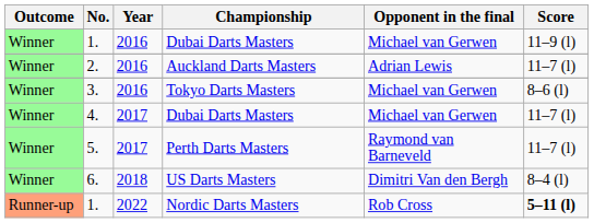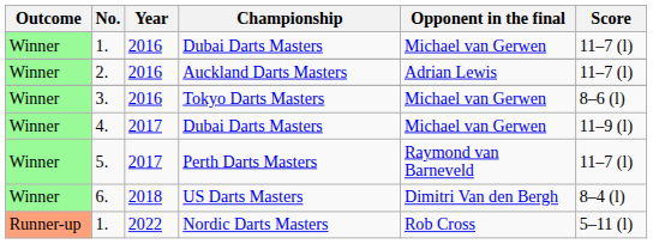 <table class="sortable wikitable">
 <tr>
 <th style="width:80px;">Outcome</th>
 <th style="width:20px;">No.</th>
 <th style="width:50px;">Year</th>
 <th style="width:250px;">Championship</th>
 <th style="width:200px;">Opponent in the final</th>
 <th style="width:70px;">Score</th>
 </tr>
 <tr style=>
 <td style="background:#98FB98">Winner</td>
 <td>1.</td>
 <td><a href='#'>2016</a></td>
 <td><a href='#'>Dubai Darts Masters</a></td>
 <td> <a href='#'>Michael van Gerwen</a></td>
-<td>11–9 (l)</td>
+<td>11–7 (l)</td>
 </tr>
 <tr>
 </tr>
 <tr style=>
 <td style="background:#98FB98">Winner</td>
 <td>2.</td>
 <td><a href='#'>2016</a></td>
 <td><a href='#'>Auckland Darts Masters</a></td>
 <td> <a href='#'>Adrian Lewis</a></td>
 <td>11–7 (l)</td>
 </tr>
 <tr>
 </tr>
 <tr style=>
 <td style="background:#98FB98">Winner</td>
 <td>3.</td>
 <td><a href='#'>2016</a></td>
 <td><a href='#'>Tokyo Darts Masters</a></td>
 <td> <a href='#'>Michael van Gerwen</a></td>
 <td>8–6 (l)</td>
 </tr>
 <tr>
 <td style="background:#98FB98">Winner</td>
 <td>4.</td>
 <td><a href='#'>2017</a></td>
 <td><a href='#'>Dubai Darts Masters</a></td>
 <td> <a href='#'>Michael van Gerwen</a></td>
-<td>11–7 (l)</td>
+<td>11–9 (l)</td>
 </tr>
 <tr>
 <td style="background:#98FB98">Winner</td>
 <td>5.</td>
 <td><a href='#'>2017</a></td>
 <td><a href='#'>Perth Darts Masters</a></td>
 <td> <a href='#'>Raymond van Barneveld</a></td>
 <td>11–7 (l)</td>
 </tr>
 <tr>
 <td style="background:#98FB98">Winner</td>
 <td>6.</td>
 <td><a href='#'>2018</a></td>
 <td><a href='#'>US Darts Masters</a></td>
 <td> <a href='#'>Dimitri Van den Bergh</a></td>
 <td>8–4 (l)</td>
 </tr>
 <tr>
 <td style="background:#ffa07a">Runner-up</td>
 <td>1.</td>
 <td><a href='#'>2022</a></td>
 <td><a href='#'>Nordic Darts Masters</a></td>
 <td> <a href='#'>Rob Cross</a></td>
-<td><strong>5–11 (l)</strong></td>
+<td>5–11 (l)</td>
 </tr>
 </table>
